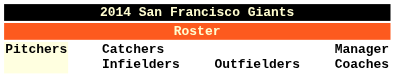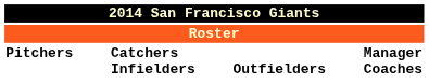 <table class="toccolours" style="font-size: 95%;">
 <tr>
 <th colspan="10" style="background:black; color:#fffdd0; text-align:center;">2014 San Francisco Giants</th>
 </tr>
 <tr>
 <td colspan="10" style="background:#fd5a1e; color:#fffdd0; text-align:center;"><strong>Roster</strong></td>
 </tr>
 <tr>
-<td valign="top" style="background: lightyellow;"><strong>Pitchers</strong><br>                    </td>
+<td valign="top"><strong>Pitchers</strong><br>                    </td>
 <td style="width:25px;"></td>
 <td valign="top"><strong>Catchers</strong><br>    <strong>Infielders</strong>             </td>
 <td style="width:25px;"></td>
 <td valign="top"><br><strong>Outfielders</strong>        </td>
 <td style="width:25px;"></td>
 <td valign="top"><strong>Manager</strong><br> <strong>Coaches</strong>                      </td>
 </tr>
 </table>
